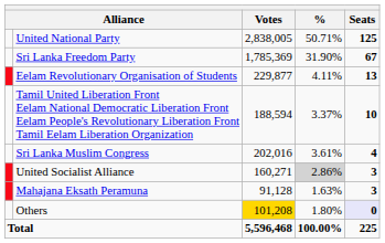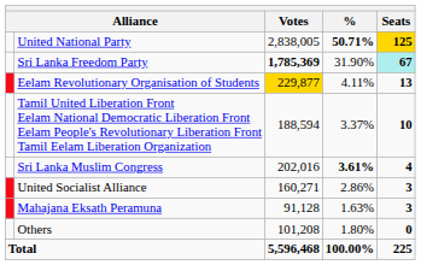 <table class="wikitable" border="1" style="text-align:right;">
 <tr>
 <th colspan="8"></th>
 </tr>
 <tr>
 <th colspan=2>Alliance</th>
 <th width="60">Votes</th>
 <th width="50">%</th>
 <th width="40">Seats</th>
 </tr>
 <tr>
 <td bgcolor=> </td>
 <td align=left><a href='#'>United National Party</a></td>
 <td>2,838,005</td>
-<td>50.71%</td>
-<td><strong>125</strong></td>
+<td><strong>50.71%</strong></td>
+<td style="background: gold;"><strong>125</strong></td>
 </tr>
 <tr>
 <td bgcolor=> </td>
 <td align=left><a href='#'>Sri Lanka Freedom Party</a></td>
-<td>1,785,369</td>
+<td><strong>1,785,369</strong></td>
 <td>31.90%</td>
-<td><strong>67</strong></td>
+<td style="background: paleturquoise;"><strong>67</strong></td>
 </tr>
 <tr>
 <td bgcolor=#F90818> </td>
 <td align=left><a href='#'>Eelam Revolutionary Organisation of Students</a></td>
-<td>229,877</td>
+<td style="background: gold;">229,877</td>
 <td>4.11%</td>
 <td><strong>13</strong></td>
 </tr>
 <tr>
 <td bgcolor=> </td>
 <td align=left><a href='#'>Tamil United Liberation Front</a><br><a href='#'>Eelam National Democratic Liberation Front</a><br><a href='#'>Eelam People's Revolutionary Liberation Front</a><br><a href='#'>Tamil Eelam Liberation Organization</a></td>
 <td>188,594</td>
 <td>3.37%</td>
 <td><strong>10</strong></td>
 </tr>
 <tr>
 <td bgcolor=> </td>
 <td align=left><a href='#'>Sri Lanka Muslim Congress</a></td>
 <td>202,016</td>
-<td>3.61%</td>
+<td><strong>3.61%</strong></td>
 <td><strong>4</strong></td>
 </tr>
 <tr>
 <td bgcolor=#F90818> </td>
 <td align=left>United Socialist Alliance</td>
 <td>160,271</td>
-<td style="background: lightgrey;">2.86%</td>
+<td>2.86%</td>
 <td><strong>3</strong></td>
 </tr>
 <tr>
 <td bgcolor=#F90818> </td>
 <td align=left><a href='#'>Mahajana Eksath Peramuna</a></td>
 <td>91,128</td>
 <td>1.63%</td>
 <td><strong>3</strong></td>
 </tr>
 <tr>
 <td></td>
 <td align=left>Others</td>
-<td style="background: gold;">101,208</td>
+<td>101,208</td>
 <td>1.80%</td>
-<td style="background: lavender;"><strong>0</strong></td>
+<td><strong>0</strong></td>
 </tr>
 <tr>
 <td colspan=2 align=left><strong>Total</strong></td>
 <td><strong>5,596,468</strong></td>
 <td><strong>100.00%</strong></td>
 <td><strong>225</strong></td>
 </tr>
 </table>
